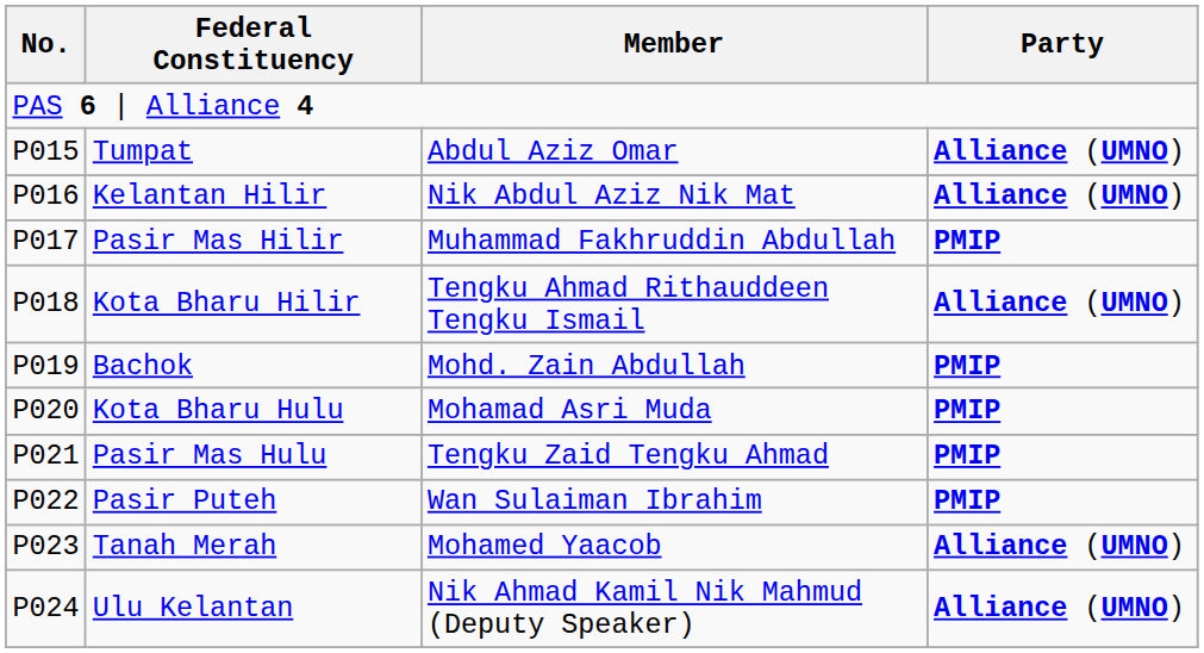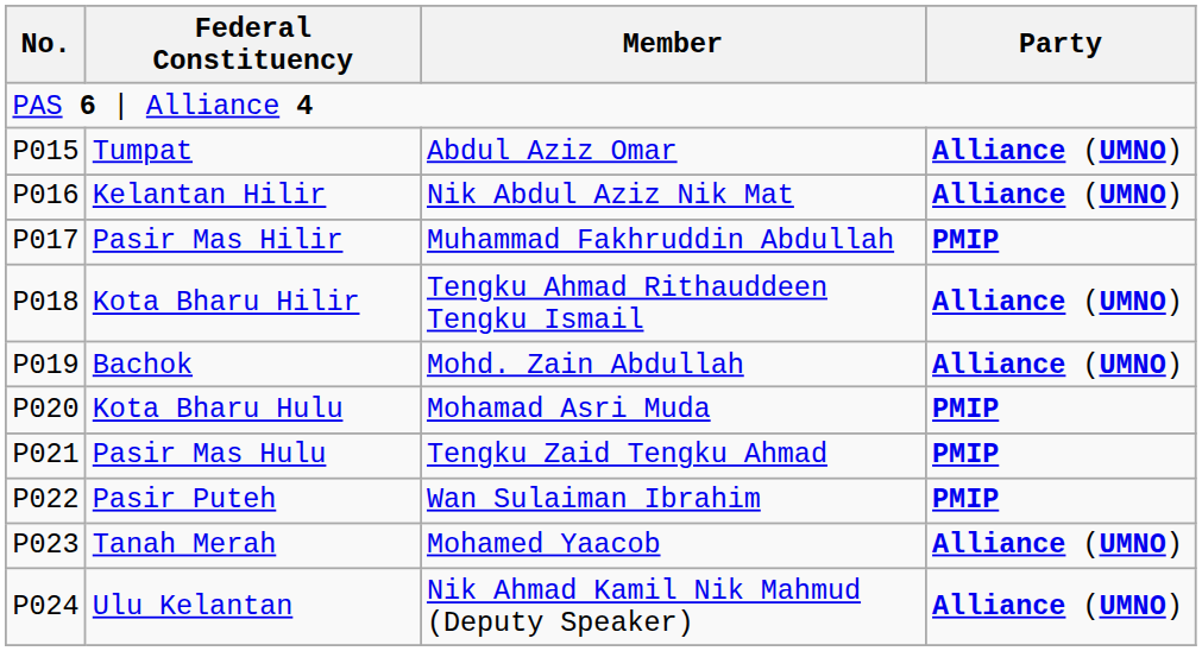 <table class="wikitable sortable">
 <tr>
 <th style="width:30px;">No.</th>
 <th style="width:150px;">Federal Constituency</th>
 <th style="width:230px;">Member</th>
 <th style="width:120px;">Party</th>
 </tr>
 <tr>
 <td colspan="4"><a href='#'>PAS</a> <strong>6</strong> | <a href='#'>Alliance</a> <strong>4</strong></td>
 </tr>
 <tr>
 <td>P015</td>
 <td><a href='#'>Tumpat</a></td>
 <td><a href='#'>Abdul Aziz Omar</a></td>
 <td><strong><a href='#'>Alliance</a></strong> (<strong><a href='#'>UMNO</a></strong>)</td>
 </tr>
 <tr>
 <td>P016</td>
 <td><a href='#'>Kelantan Hilir</a></td>
 <td><a href='#'>Nik Abdul Aziz Nik Mat</a></td>
 <td><strong><a href='#'>Alliance</a></strong> (<strong><a href='#'>UMNO</a></strong>)</td>
 </tr>
 <tr>
 <td>P017</td>
 <td><a href='#'>Pasir Mas Hilir</a></td>
 <td><a href='#'>Muhammad Fakhruddin Abdullah</a></td>
 <td><strong><a href='#'>PMIP</a></strong></td>
 </tr>
 <tr>
 <td>P018</td>
 <td><a href='#'>Kota Bharu Hilir</a></td>
 <td><a href='#'>Tengku Ahmad Rithauddeen Tengku Ismail</a></td>
 <td><strong><a href='#'>Alliance</a></strong> (<strong><a href='#'>UMNO</a></strong>)</td>
 </tr>
 <tr>
 <td>P019</td>
 <td><a href='#'>Bachok</a></td>
 <td><a href='#'>Mohd. Zain Abdullah</a></td>
-<td><strong><a href='#'>PMIP</a></strong></td>
+<td><strong><a href='#'>Alliance</a></strong> (<strong><a href='#'>UMNO</a></strong>)</td>
 </tr>
 <tr>
 <td>P020</td>
 <td><a href='#'>Kota Bharu Hulu</a></td>
 <td><a href='#'>Mohamad Asri Muda</a></td>
 <td><strong><a href='#'>PMIP</a></strong></td>
 </tr>
 <tr>
 <td>P021</td>
 <td><a href='#'>Pasir Mas Hulu</a></td>
 <td><a href='#'>Tengku Zaid Tengku Ahmad</a></td>
 <td><strong><a href='#'>PMIP</a></strong></td>
 </tr>
 <tr>
 <td>P022</td>
 <td><a href='#'>Pasir Puteh</a></td>
 <td><a href='#'>Wan Sulaiman Ibrahim</a></td>
 <td><strong><a href='#'>PMIP</a></strong></td>
 </tr>
 <tr>
 <td>P023</td>
 <td><a href='#'>Tanah Merah</a></td>
 <td><a href='#'>Mohamed Yaacob</a></td>
 <td><strong><a href='#'>Alliance</a></strong> (<strong><a href='#'>UMNO</a></strong>)</td>
 </tr>
 <tr>
 <td>P024</td>
 <td><a href='#'>Ulu Kelantan</a></td>
 <td><a href='#'>Nik Ahmad Kamil Nik Mahmud</a> (Deputy Speaker)</td>
 <td><strong><a href='#'>Alliance</a></strong> (<strong><a href='#'>UMNO</a></strong>)</td>
 </tr>
 </table>
